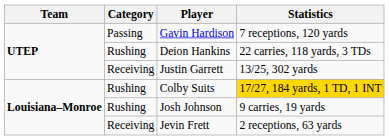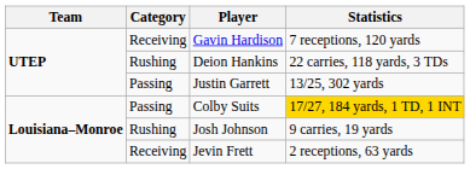 <table class="wikitable" style="float: left;">
 <tr>
 <th>Team</th>
 <th>Category</th>
 <th>Player</th>
 <th>Statistics</th>
 </tr>
 <tr>
 <td rowspan=3><strong>UTEP</strong></td>
-<td>Passing</td>
+<td>Receiving</td>
 <td><a href='#'>Gavin Hardison</a></td>
 <td>7 receptions, 120 yards</td>
 </tr>
 <tr>
 <td>Rushing</td>
 <td>Deion Hankins</td>
 <td>22 carries, 118 yards, 3 TDs</td>
 </tr>
 <tr>
-<td>Receiving</td>
+<td>Passing</td>
 <td>Justin Garrett</td>
 <td>13/25, 302 yards</td>
 </tr>
 <tr>
 <td rowspan=3><strong>Louisiana–Monroe</strong></td>
-<td>Rushing</td>
+<td>Passing</td>
 <td>Colby Suits</td>
 <td style="background: gold;">17/27, 184 yards, 1 TD, 1 INT</td>
 </tr>
 <tr>
 <td>Rushing</td>
 <td>Josh Johnson</td>
 <td>9 carries, 19 yards</td>
 </tr>
 <tr>
 <td>Receiving</td>
 <td>Jevin Frett</td>
 <td>2 receptions, 63 yards</td>
 </tr>
 </table>
